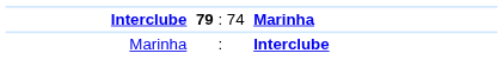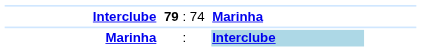 <table style="text-align:center" width=500>
 <tr>
 <th width=30%></th>
 <th width=10%></th>
 <th width=30%></th>
 <th width=10%></th>
 </tr>
 <tr align="left" bgcolor=#D0E7FF>
 <td colspan=4></td>
 </tr>
 <tr>
 <td align="right"><strong><a href='#'>Interclube</a></strong></td>
 <td><strong>79</strong> : 74</td>
 <td align=left><strong><a href='#'>Marinha</a></strong></td>
 </tr>
 <tr align="left" bgcolor=#D0E7FF>
 <td colspan=4></td>
 </tr>
 <tr>
-<td align="right"><a href='#'>Marinha</a></td>
+<td align="right"><strong><a href='#'>Marinha</a></strong></td>
 <td>:</td>
-<td align=left><strong><a href='#'>Interclube</a></strong></td>
+<td align=left style="background: lightblue;"><strong><a href='#'>Interclube</a></strong></td>
 </tr>
 </table>
